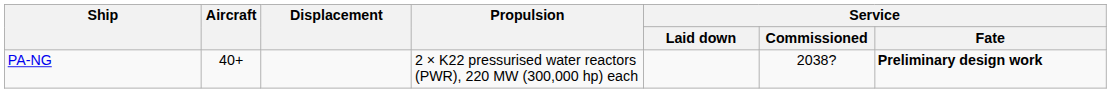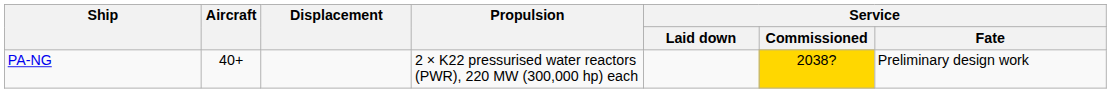 <table class="wikitable" style="width:98%;">
 <tr valign="top"|- valign="top">
 <th style="width:17%; text-align:center;" rowspan="2">Ship</th>
 <th style="width:5%; text-align:center;" rowspan="2">Aircraft</th>
 <th style="width:13%; text-align:center;" rowspan="2">Displacement</th>
 <th style="width:20%; text-align:center;" rowspan="2">Propulsion</th>
 <th style="width:40%; text-align:center;" colspan="3">Service</th>
 </tr>
 <tr valign="top">
 <th style="width:10%; text-align:center;">Laid down</th>
 <th style="width:10%; text-align:center;">Commissioned</th>
 <th style="width:20%; text-align:center;">Fate</th>
 </tr>
 <tr valign="top">
 <td align= left><a href='#'>PA-NG</a></td>
 <td style="text-align:center;">40+</td>
 <td style="text-align:center;"></td>
 <td align= left>2 × K22 pressurised water reactors (PWR), 220 MW (300,000 hp) each</td>
 <td style="text-align:center;"></td>
-<td style="text-align:center;">2038?</td>
-<td align= left><strong>Preliminary design work</strong></td>
+<td style="background: gold; text-align:center;">2038?</td>
+<td align= left>Preliminary design work</td>
 </tr>
 </table>
